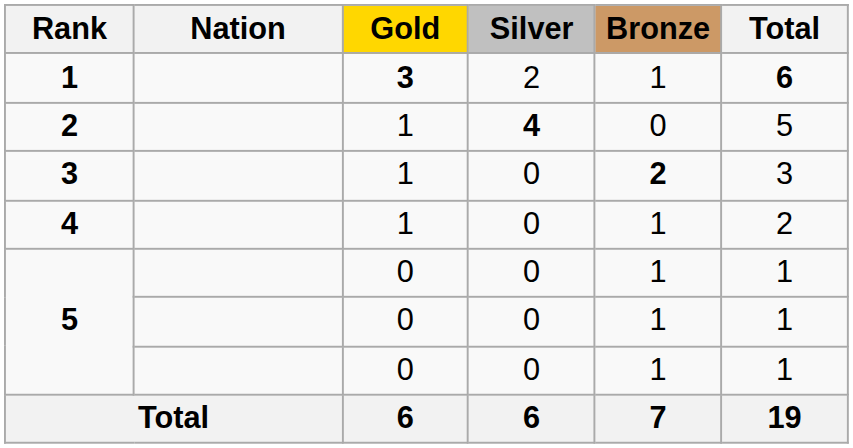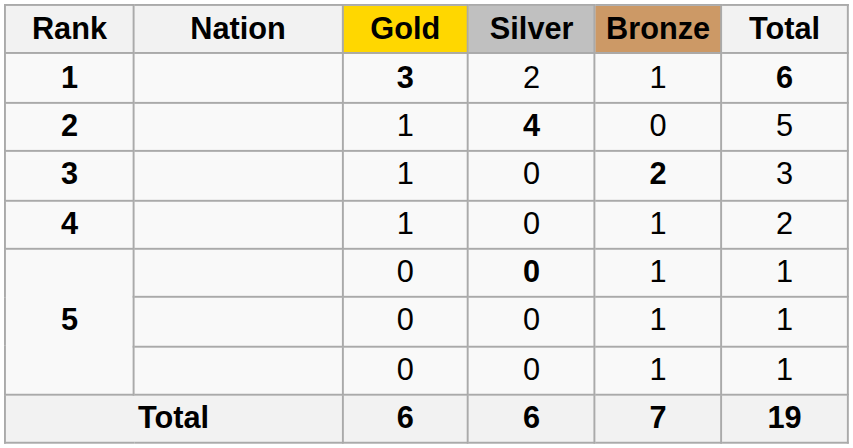 <table class="wikitable collapsible autocollapse plainrowheaders" width=70.5% style="text-align:center;">
 <tr style="background-color:#EDEDED;">
 <th width=100px class="hintergrundfarbe5">Rank</th>
 <th width=200px class="hintergrundfarbe6">Nation</th>
 <th style="background:    gold; width:15%">Gold</th>
 <th style="background:  silver; width:15%">Silver</th>
 <th style="background: #CC9966; width:15%">Bronze</th>
 <th class="hintergrundfarbe6" style="width:15%">Total</th>
 </tr>
 <tr>
 <td><strong>1</strong></td>
 <td align=left></td>
 <td><strong>3</strong></td>
 <td>2</td>
 <td>1</td>
 <td><strong>6</strong></td>
 </tr>
 <tr>
 <td><strong>2</strong></td>
 <td align=left></td>
 <td>1</td>
 <td><strong>4</strong></td>
 <td>0</td>
 <td>5</td>
 </tr>
 <tr>
 <td><strong>3</strong></td>
 <td align=left></td>
 <td>1</td>
 <td>0</td>
 <td><strong>2</strong></td>
 <td>3</td>
 </tr>
 <tr>
 <td><strong>4</strong></td>
 <td align=left></td>
 <td>1</td>
 <td>0</td>
 <td>1</td>
 <td>2</td>
 </tr>
 <tr>
 <td rowspan=3><strong>5</strong></td>
 <td align=left></td>
 <td>0</td>
-<td>0</td>
+<td><strong>0</strong></td>
 <td>1</td>
 <td>1</td>
 </tr>
 <tr>
 <td align=left></td>
 <td>0</td>
 <td>0</td>
 <td>1</td>
 <td>1</td>
 </tr>
 <tr>
 <td align=left></td>
 <td>0</td>
 <td>0</td>
 <td>1</td>
 <td>1</td>
 </tr>
 <tr>
 <th colspan=2>Total</th>
 <th>6</th>
 <th>6</th>
 <th>7</th>
 <th>19</th>
 </tr>
 </table>
